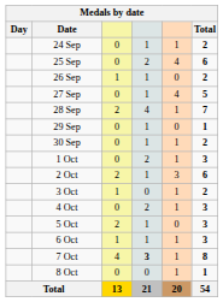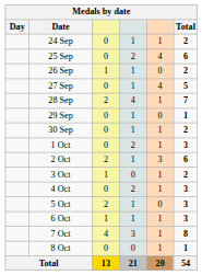 <table class=wikitable style="font-size:85%; text-align:center;float:right;clear:right;margin-left:1em;">
 <tr>
 <th colspan=6>Medals by date</th>
 </tr>
 <tr>
 <th width=30><strong>Day</strong></th>
 <th width=90><strong>Date</strong></th>
 <th width=35 style="background:#F7F6A8;"></th>
 <th width=35 style="background:#DCE5E5;"></th>
 <th width=35 style="background:#FFDAB9;"></th>
 <th width=30><strong>Total</strong></th>
 </tr>
 <tr>
 <td></td>
 <td>24 Sep</td>
 <td style="background:#F7F6A8;">0</td>
 <td style="background:#DCE5E5;">1</td>
 <td style="background:#FFDAB9;">1</td>
 <td><strong>2</strong></td>
 </tr>
 <tr>
 <td></td>
 <td>25 Sep</td>
 <td style="background:#F7F6A8;">0</td>
 <td style="background:#DCE5E5;">2</td>
 <td style="background:#FFDAB9;">4</td>
 <td><strong>6</strong></td>
 </tr>
 <tr>
 <td></td>
 <td>26 Sep</td>
 <td style="background:#F7F6A8;">1</td>
 <td style="background:#DCE5E5;">1</td>
 <td style="background:#FFDAB9;">0</td>
 <td><strong>2</strong></td>
 </tr>
 <tr>
 <td></td>
 <td>27 Sep</td>
 <td style="background:#F7F6A8;">0</td>
 <td style="background:#DCE5E5;">1</td>
 <td style="background:#FFDAB9;">4</td>
 <td><strong>5</strong></td>
 </tr>
 <tr>
 <td></td>
 <td>28 Sep</td>
 <td style="background:#F7F6A8;">2</td>
 <td style="background:#DCE5E5;">4</td>
 <td style="background:#FFDAB9;">1</td>
 <td><strong>7</strong></td>
 </tr>
 <tr>
 <td></td>
 <td>29 Sep</td>
 <td style="background:#F7F6A8;">0</td>
 <td style="background:#DCE5E5;">1</td>
 <td style="background:#FFDAB9;">0</td>
 <td><strong>1</strong></td>
 </tr>
 <tr>
 <td></td>
 <td>30 Sep</td>
 <td style="background:#F7F6A8;">0</td>
 <td style="background:#DCE5E5;">1</td>
 <td style="background:#FFDAB9;">1</td>
 <td><strong>2</strong></td>
 </tr>
 <tr>
 <td></td>
 <td>1 Oct</td>
 <td style="background:#F7F6A8;">0</td>
 <td style="background:#DCE5E5;">2</td>
 <td style="background:#FFDAB9;">1</td>
 <td><strong>3</strong></td>
 </tr>
 <tr>
 <td></td>
 <td>2 Oct</td>
 <td style="background:#F7F6A8;">2</td>
 <td style="background:#DCE5E5;">1</td>
 <td style="background:#FFDAB9;">3</td>
 <td><strong>6</strong></td>
 </tr>
 <tr>
 <td></td>
 <td>3 Oct</td>
 <td style="background:#F7F6A8;">1</td>
 <td style="background:#DCE5E5;">0</td>
 <td style="background:#FFDAB9;">1</td>
 <td><strong>2</strong></td>
 </tr>
 <tr>
 <td></td>
 <td>4 Oct</td>
 <td style="background:#F7F6A8;">0</td>
 <td style="background:#DCE5E5;">2</td>
 <td style="background:#FFDAB9;">1</td>
 <td><strong>3</strong></td>
 </tr>
 <tr>
 <td></td>
 <td>5 Oct</td>
 <td style="background:#F7F6A8;">2</td>
 <td style="background:#DCE5E5;">1</td>
 <td style="background:#FFDAB9;">0</td>
 <td><strong>3</strong></td>
 </tr>
 <tr>
 <td></td>
 <td>6 Oct</td>
 <td style="background:#F7F6A8;">1</td>
 <td style="background:#DCE5E5;">1</td>
 <td style="background:#FFDAB9;">1</td>
 <td><strong>3</strong></td>
 </tr>
 <tr>
 <td></td>
 <td>7 Oct</td>
 <td style="background:#F7F6A8;">4</td>
-<td style="background:#DCE5E5;"><strong>3</strong></td>
+<td style="background:#DCE5E5;">3</td>
 <td style="background:#FFDAB9;">1</td>
 <td><strong>8</strong></td>
 </tr>
 <tr>
 <td></td>
 <td>8 Oct</td>
 <td style="background:#F7F6A8;">0</td>
 <td style="background:#DCE5E5;">0</td>
 <td style="background:#FFDAB9;">1</td>
 <td><strong>1</strong></td>
 </tr>
 <tr>
 <th colspan="2">Total</th>
 <th style=background:gold>13</th>
 <th style=background:silver>21</th>
 <th style=background:#c96>20</th>
 <th>54</th>
 </tr>
 </table>
